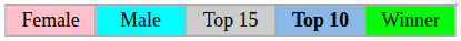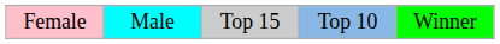 <table class="wikitable" style="margin:1em auto; text-align:center;">
 <tr>
 </tr>
 <tr>
 <td style="background:pink; width:15%;">Female</td>
 <td style="background:cyan; width:15%;">Male</td>
 <td style="background:#ccc; width:15%;">Top 15</td>
-<td style="background:#8ab8e6; width:15%;"><strong>Top 10</strong></td>
+<td style="background:#8ab8e6; width:15%;">Top 10</td>
 <td style="background:lime; width:15%;">Winner</td>
 </tr>
 </table>
